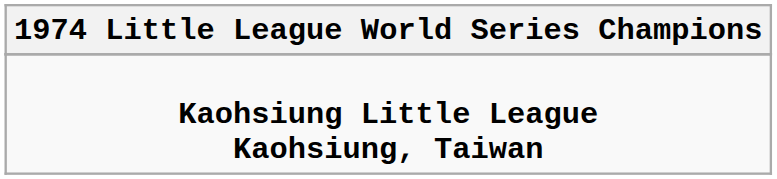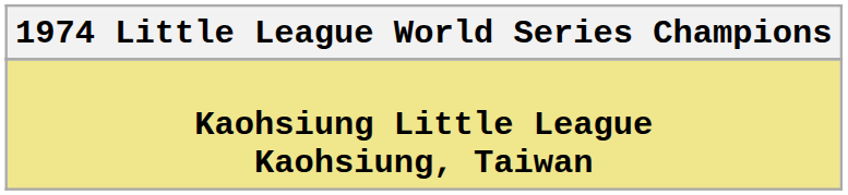 <table class="wikitable" style="text-align: center; margin: 0 auto;">
 <tr>
 <th>1974 Little League World Series Champions</th>
 </tr>
 <tr>
 </tr>
 <tr>
-<td><br><strong>Kaohsiung Little League</strong><br><strong>Kaohsiung, Taiwan</strong></td>
+<td style="background: khaki;"><br><strong>Kaohsiung Little League</strong><br><strong>Kaohsiung, Taiwan</strong></td>
 </tr>
 </table>
